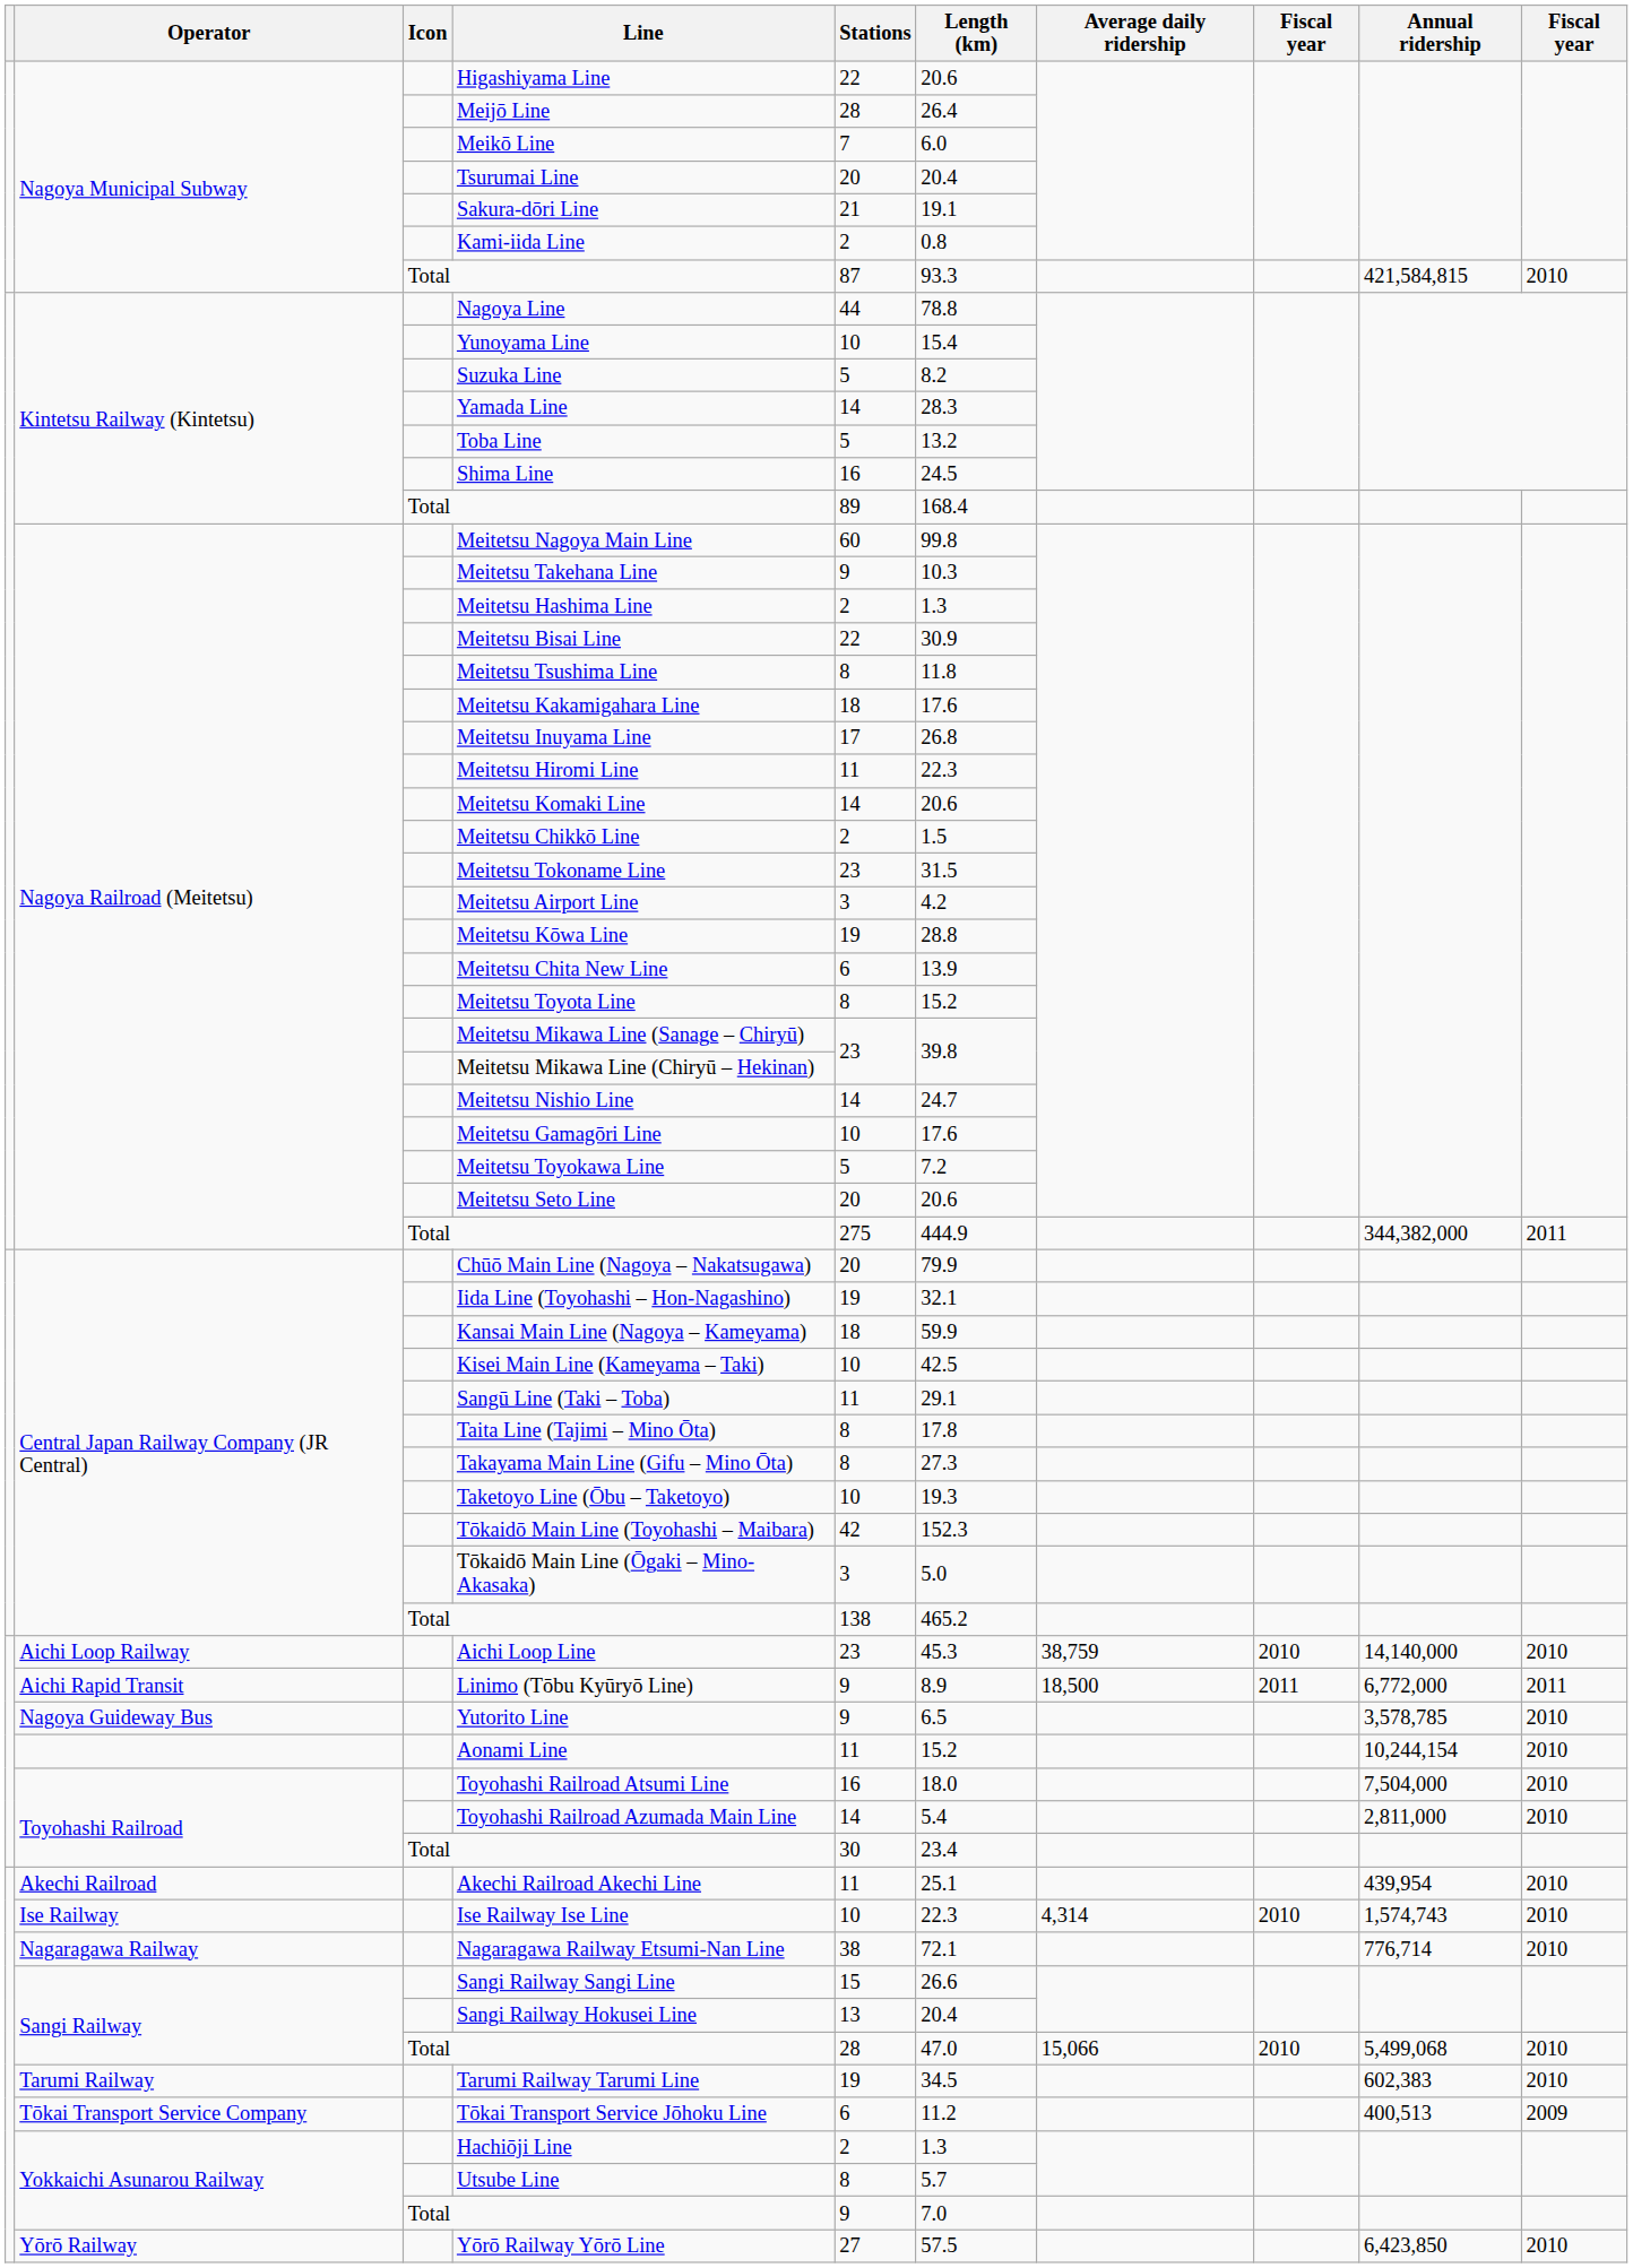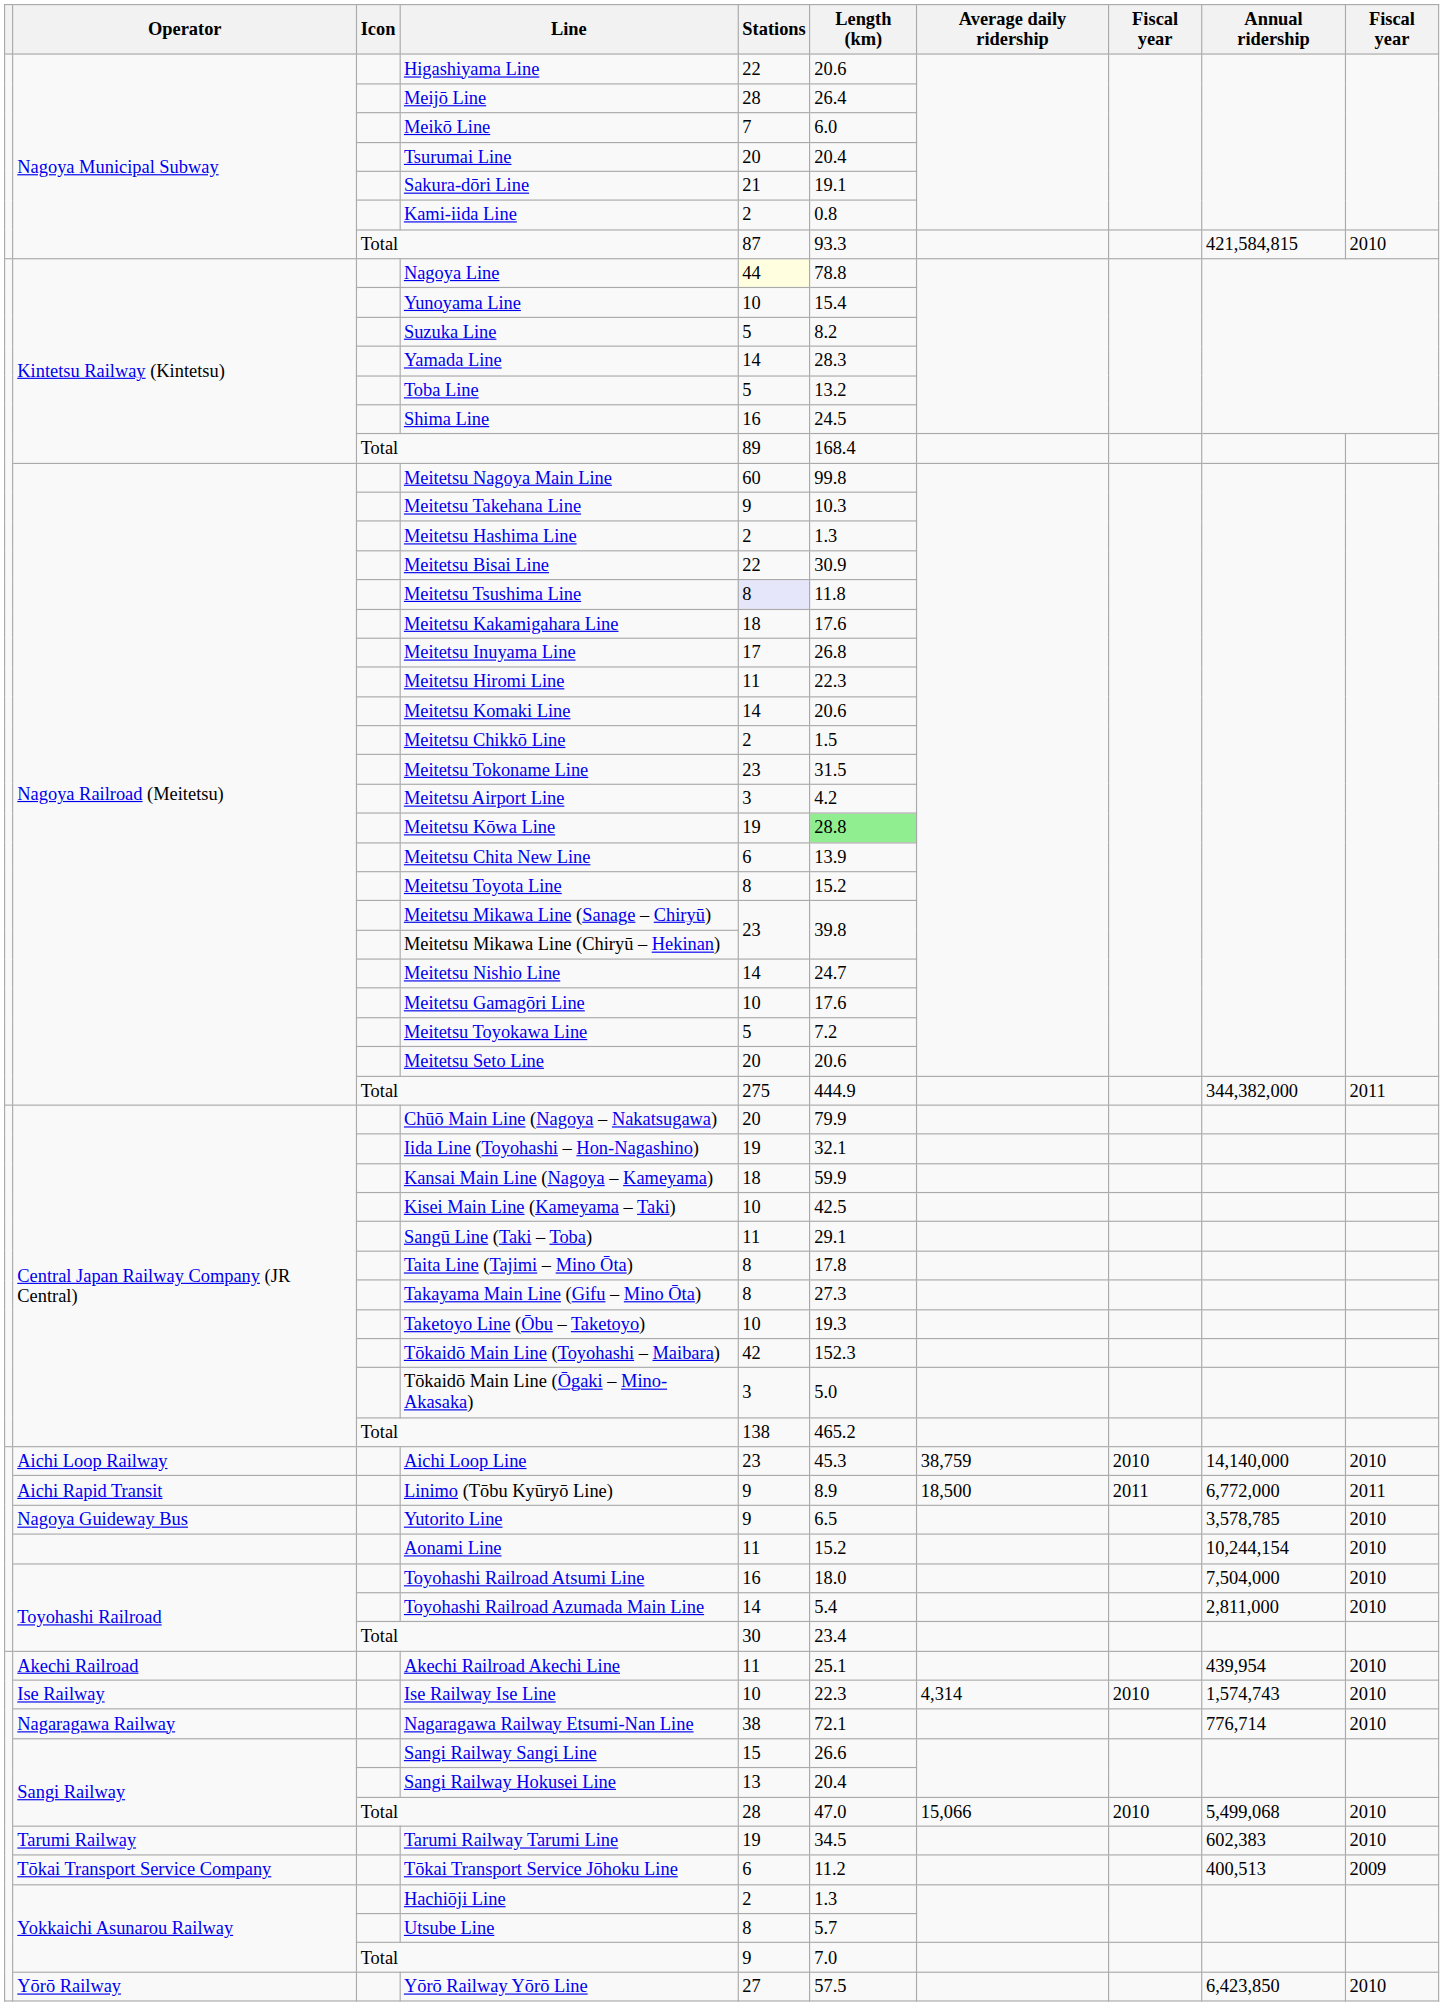 <table class="wikitable sortable">
 <tr>
 <th></th>
 <th>Operator</th>
 <th>Icon</th>
 <th>Line</th>
 <th>Stations</th>
 <th>Length (km)</th>
 <th>Average daily ridership</th>
 <th>Fiscal year</th>
 <th>Annual ridership</th>
 <th>Fiscal year</th>
 </tr>
 <tr>
 <td rowspan="7"></td>
 <td rowspan="7"><br><a href='#'>Nagoya Municipal Subway</a></td>
 <td></td>
 <td><a href='#'>Higashiyama Line</a></td>
 <td>22</td>
 <td>20.6</td>
 <td rowspan="6"> </td>
 <td rowspan="6"> </td>
 <td rowspan="6"></td>
 <td rowspan="6"></td>
 </tr>
 <tr>
 <td></td>
 <td><a href='#'>Meijō Line</a></td>
 <td>28</td>
 <td>26.4</td>
 </tr>
 <tr>
 <td></td>
 <td><a href='#'>Meikō Line</a></td>
 <td>7</td>
 <td>6.0</td>
 </tr>
 <tr>
 <td></td>
 <td><a href='#'>Tsurumai Line</a></td>
 <td>20</td>
 <td>20.4</td>
 </tr>
 <tr>
 <td></td>
 <td><a href='#'>Sakura-dōri Line</a></td>
 <td>21</td>
 <td>19.1</td>
 </tr>
 <tr>
 <td></td>
 <td><a href='#'>Kami-iida Line</a></td>
 <td>2</td>
 <td>0.8</td>
 </tr>
 <tr>
 <td colspan="2">Total</td>
 <td>87</td>
 <td>93.3</td>
 <td></td>
 <td></td>
 <td>421,584,815</td>
 <td>2010</td>
 </tr>
 <tr>
 <td rowspan="29"></td>
 <td rowspan="7"><br><a href='#'>Kintetsu Railway</a> (Kintetsu)</td>
 <td></td>
 <td><a href='#'>Nagoya Line</a></td>
-<td>44</td>
+<td style="background: lightyellow;">44</td>
 <td>78.8</td>
 <td rowspan="6"> </td>
 <td rowspan="6"> </td>
 <td colspan="2" rowspan="6"></td>
 </tr>
 <tr>
 <td></td>
 <td><a href='#'>Yunoyama Line</a></td>
 <td>10</td>
 <td>15.4</td>
 </tr>
 <tr>
 <td></td>
 <td><a href='#'>Suzuka Line</a></td>
 <td>5</td>
 <td>8.2</td>
 </tr>
 <tr>
 <td></td>
 <td><a href='#'>Yamada Line</a></td>
 <td>14</td>
 <td>28.3</td>
 </tr>
 <tr>
 <td></td>
 <td><a href='#'>Toba Line</a></td>
 <td>5</td>
 <td>13.2</td>
 </tr>
 <tr>
 <td></td>
 <td><a href='#'>Shima Line</a></td>
 <td>16</td>
 <td>24.5</td>
 </tr>
 <tr>
 <td colspan="2">Total</td>
 <td>89</td>
 <td>168.4</td>
 <td></td>
 <td></td>
 <td></td>
 <td></td>
 </tr>
 <tr>
 <td rowspan="22"><br><a href='#'>Nagoya Railroad</a> (Meitetsu)</td>
 <td></td>
 <td><a href='#'>Meitetsu Nagoya Main Line</a></td>
 <td>60</td>
 <td>99.8</td>
 <td rowspan="21"> </td>
 <td rowspan="21"> </td>
 <td rowspan="21"></td>
 <td rowspan="21"></td>
 </tr>
 <tr>
 <td></td>
 <td><a href='#'>Meitetsu Takehana Line</a></td>
 <td>9</td>
 <td>10.3</td>
 </tr>
 <tr>
 <td></td>
 <td><a href='#'>Meitetsu Hashima Line</a></td>
 <td>2</td>
 <td>1.3</td>
 </tr>
 <tr>
 <td></td>
 <td><a href='#'>Meitetsu Bisai Line</a></td>
 <td>22</td>
 <td>30.9</td>
 </tr>
 <tr>
 <td></td>
 <td><a href='#'>Meitetsu Tsushima Line</a></td>
-<td>8</td>
+<td style="background: lavender;">8</td>
 <td>11.8</td>
 </tr>
 <tr>
 <td></td>
 <td><a href='#'>Meitetsu Kakamigahara Line</a></td>
 <td>18</td>
 <td>17.6</td>
 </tr>
 <tr>
 <td></td>
 <td><a href='#'>Meitetsu Inuyama Line</a></td>
 <td>17</td>
 <td>26.8</td>
 </tr>
 <tr>
 <td></td>
 <td><a href='#'>Meitetsu Hiromi Line</a></td>
 <td>11</td>
 <td>22.3</td>
 </tr>
 <tr>
 <td></td>
 <td><a href='#'>Meitetsu Komaki Line</a></td>
 <td>14</td>
 <td>20.6</td>
 </tr>
 <tr>
 <td></td>
 <td><a href='#'>Meitetsu Chikkō Line</a></td>
 <td>2</td>
 <td>1.5</td>
 </tr>
 <tr>
 <td></td>
 <td><a href='#'>Meitetsu Tokoname Line</a></td>
 <td>23</td>
 <td>31.5</td>
 </tr>
 <tr>
 <td></td>
 <td><a href='#'>Meitetsu Airport Line</a></td>
 <td>3</td>
 <td>4.2</td>
 </tr>
 <tr>
 <td></td>
 <td><a href='#'>Meitetsu Kōwa Line</a></td>
 <td>19</td>
-<td>28.8</td>
+<td style="background: lightgreen;">28.8</td>
 </tr>
 <tr>
 <td></td>
 <td><a href='#'>Meitetsu Chita New Line</a></td>
 <td>6</td>
 <td>13.9</td>
 </tr>
 <tr>
 <td></td>
 <td><a href='#'>Meitetsu Toyota Line</a></td>
 <td>8</td>
 <td>15.2</td>
 </tr>
 <tr>
 <td></td>
 <td><a href='#'>Meitetsu Mikawa Line</a> (<a href='#'>Sanage</a> ‒ <a href='#'>Chiryū</a>)</td>
 <td rowspan="2">23</td>
 <td rowspan="2">39.8</td>
 </tr>
 <tr>
 <td></td>
 <td>Meitetsu Mikawa Line (Chiryū ‒ <a href='#'>Hekinan</a>)</td>
 </tr>
 <tr>
 <td></td>
 <td><a href='#'>Meitetsu Nishio Line</a></td>
 <td>14</td>
 <td>24.7</td>
 </tr>
 <tr>
 <td></td>
 <td><a href='#'>Meitetsu Gamagōri Line</a></td>
 <td>10</td>
 <td>17.6</td>
 </tr>
 <tr>
 <td></td>
 <td><a href='#'>Meitetsu Toyokawa Line</a></td>
 <td>5</td>
 <td>7.2</td>
 </tr>
 <tr>
 <td></td>
 <td><a href='#'>Meitetsu Seto Line</a></td>
 <td>20</td>
 <td>20.6</td>
 </tr>
 <tr>
 <td colspan="2">Total</td>
 <td>275</td>
 <td>444.9</td>
 <td></td>
 <td></td>
 <td>344,382,000</td>
 <td>2011</td>
 </tr>
 <tr>
 <td rowspan="11"></td>
 <td rowspan="11"><br><a href='#'>Central Japan Railway Company</a> (JR Central)</td>
 <td></td>
 <td><a href='#'>Chūō Main Line</a> (<a href='#'>Nagoya</a> ‒ <a href='#'>Nakatsugawa</a>)</td>
 <td>20</td>
 <td>79.9</td>
 <td></td>
 <td></td>
 <td></td>
 <td></td>
 </tr>
 <tr>
 <td></td>
 <td><a href='#'>Iida Line</a> (<a href='#'>Toyohashi</a> ‒ <a href='#'>Hon-Nagashino</a>)</td>
 <td>19</td>
 <td>32.1</td>
 <td></td>
 <td></td>
 <td></td>
 <td></td>
 </tr>
 <tr>
 <td></td>
 <td><a href='#'>Kansai Main Line</a> (<a href='#'>Nagoya</a> ‒ <a href='#'>Kameyama</a>)</td>
 <td>18</td>
 <td>59.9</td>
 <td></td>
 <td></td>
 <td></td>
 <td></td>
 </tr>
 <tr>
 <td></td>
 <td><a href='#'>Kisei Main Line</a> (<a href='#'>Kameyama</a> ‒ <a href='#'>Taki</a>)</td>
 <td>10</td>
 <td>42.5</td>
 <td></td>
 <td></td>
 <td></td>
 <td></td>
 </tr>
 <tr>
 <td></td>
 <td><a href='#'>Sangū Line</a> (<a href='#'>Taki</a> ‒ <a href='#'>Toba</a>)</td>
 <td>11</td>
 <td>29.1</td>
 <td></td>
 <td></td>
 <td></td>
 <td></td>
 </tr>
 <tr>
 <td></td>
 <td><a href='#'>Taita Line</a> (<a href='#'>Tajimi</a> ‒ <a href='#'>Mino Ōta</a>)</td>
 <td>8</td>
 <td>17.8</td>
 <td></td>
 <td></td>
 <td></td>
 <td></td>
 </tr>
 <tr>
 <td></td>
 <td><a href='#'>Takayama Main Line</a> (<a href='#'>Gifu</a> ‒ <a href='#'>Mino Ōta</a>)</td>
 <td>8</td>
 <td>27.3</td>
 <td></td>
 <td></td>
 <td></td>
 <td></td>
 </tr>
 <tr>
 <td></td>
 <td><a href='#'>Taketoyo Line</a> (<a href='#'>Ōbu</a> ‒ <a href='#'>Taketoyo</a>)</td>
 <td>10</td>
 <td>19.3</td>
 <td></td>
 <td></td>
 <td></td>
 <td></td>
 </tr>
 <tr>
 <td></td>
 <td><a href='#'>Tōkaidō Main Line</a> (<a href='#'>Toyohashi</a> ‒ <a href='#'>Maibara</a>)</td>
 <td>42</td>
 <td>152.3</td>
 <td></td>
 <td></td>
 <td></td>
 <td></td>
 </tr>
 <tr>
 <td></td>
 <td>Tōkaidō Main Line (<a href='#'>Ōgaki</a> ‒ <a href='#'>Mino-Akasaka</a>)</td>
 <td>3</td>
 <td>5.0</td>
 <td></td>
 <td></td>
 <td></td>
 <td></td>
 </tr>
 <tr>
 <td colspan="2">Total</td>
 <td>138</td>
 <td>465.2</td>
 <td></td>
 <td></td>
 <td></td>
 <td></td>
 </tr>
 <tr>
 <td rowspan="7"></td>
 <td> <a href='#'>Aichi Loop Railway</a></td>
 <td></td>
 <td><a href='#'>Aichi Loop Line</a></td>
 <td>23</td>
 <td>45.3</td>
 <td>38,759</td>
 <td>2010</td>
 <td>14,140,000</td>
 <td>2010</td>
 </tr>
 <tr>
 <td> <a href='#'>Aichi Rapid Transit</a></td>
 <td></td>
 <td><a href='#'>Linimo</a> (Tōbu Kyūryō Line)</td>
 <td>9</td>
 <td>8.9</td>
 <td>18,500</td>
 <td>2011</td>
 <td>6,772,000</td>
 <td>2011</td>
 </tr>
 <tr>
 <td> <a href='#'>Nagoya Guideway Bus</a></td>
 <td></td>
 <td><a href='#'>Yutorito Line</a></td>
 <td>9</td>
 <td>6.5</td>
 <td></td>
 <td></td>
 <td>3,578,785</td>
 <td>2010</td>
 </tr>
 <tr>
 <td> </td>
 <td></td>
 <td><a href='#'>Aonami Line</a></td>
 <td>11</td>
 <td>15.2</td>
 <td></td>
 <td></td>
 <td>10,244,154</td>
 <td>2010</td>
 </tr>
 <tr>
 <td rowspan="3"><br><a href='#'>Toyohashi Railroad</a></td>
 <td></td>
 <td><a href='#'>Toyohashi Railroad Atsumi Line</a></td>
 <td>16</td>
 <td>18.0</td>
 <td></td>
 <td></td>
 <td>7,504,000</td>
 <td>2010</td>
 </tr>
 <tr>
 <td></td>
 <td><a href='#'>Toyohashi Railroad Azumada Main Line</a></td>
 <td>14</td>
 <td>5.4</td>
 <td></td>
 <td></td>
 <td>2,811,000</td>
 <td>2010</td>
 </tr>
 <tr>
 <td colspan="2">Total</td>
 <td>30</td>
 <td>23.4</td>
 <td></td>
 <td></td>
 <td></td>
 <td></td>
 </tr>
 <tr>
 <td rowspan="12"></td>
 <td><a href='#'>Akechi Railroad</a></td>
 <td></td>
 <td><a href='#'>Akechi Railroad Akechi Line</a></td>
 <td>11</td>
 <td>25.1</td>
 <td></td>
 <td></td>
 <td>439,954</td>
 <td>2010</td>
 </tr>
 <tr>
 <td><a href='#'>Ise Railway</a></td>
 <td></td>
 <td><a href='#'>Ise Railway Ise Line</a></td>
 <td>10</td>
 <td>22.3</td>
 <td>4,314</td>
 <td>2010</td>
 <td>1,574,743</td>
 <td>2010</td>
 </tr>
 <tr>
 <td><a href='#'>Nagaragawa Railway</a></td>
 <td></td>
 <td><a href='#'>Nagaragawa Railway Etsumi-Nan Line</a></td>
 <td>38</td>
 <td>72.1</td>
 <td></td>
 <td></td>
 <td>776,714</td>
 <td>2010</td>
 </tr>
 <tr>
 <td rowspan="3"><br><a href='#'>Sangi Railway</a></td>
 <td></td>
 <td><a href='#'>Sangi Railway Sangi Line</a></td>
 <td>15</td>
 <td>26.6</td>
 <td rowspan="2"></td>
 <td rowspan="2"></td>
 <td rowspan="2"></td>
 <td rowspan="2"></td>
 </tr>
 <tr>
 <td></td>
 <td><a href='#'>Sangi Railway Hokusei Line</a></td>
 <td>13</td>
 <td>20.4</td>
 </tr>
 <tr>
 <td colspan="2">Total</td>
 <td>28</td>
 <td>47.0</td>
 <td>15,066</td>
 <td>2010</td>
 <td>5,499,068</td>
 <td>2010</td>
 </tr>
 <tr>
 <td> <a href='#'>Tarumi Railway</a></td>
 <td></td>
 <td><a href='#'>Tarumi Railway Tarumi Line</a></td>
 <td>19</td>
 <td>34.5</td>
 <td></td>
 <td></td>
 <td>602,383</td>
 <td>2010</td>
 </tr>
 <tr>
 <td> <a href='#'>Tōkai Transport Service Company</a></td>
 <td></td>
 <td><a href='#'>Tōkai Transport Service Jōhoku Line</a></td>
 <td>6</td>
 <td>11.2</td>
 <td></td>
 <td></td>
 <td>400,513</td>
 <td>2009</td>
 </tr>
 <tr>
 <td rowspan="3"><a href='#'>Yokkaichi Asunarou Railway</a></td>
 <td></td>
 <td><a href='#'>Hachiōji Line</a></td>
 <td>2</td>
 <td>1.3</td>
 <td rowspan="2"></td>
 <td rowspan="2"></td>
 <td rowspan="2"></td>
 <td rowspan="2"></td>
 </tr>
 <tr>
 <td></td>
 <td><a href='#'>Utsube Line</a></td>
 <td>8</td>
 <td>5.7</td>
 </tr>
 <tr>
 <td colspan="2">Total</td>
 <td>9</td>
 <td>7.0</td>
 <td></td>
 <td></td>
 <td></td>
 <td></td>
 </tr>
 <tr>
 <td> <a href='#'>Yōrō Railway</a></td>
 <td></td>
 <td><a href='#'>Yōrō Railway Yōrō Line</a></td>
 <td>27</td>
 <td>57.5</td>
 <td></td>
 <td></td>
 <td>6,423,850</td>
 <td>2010</td>
 </tr>
 </table>
